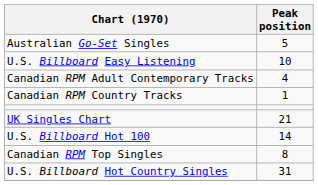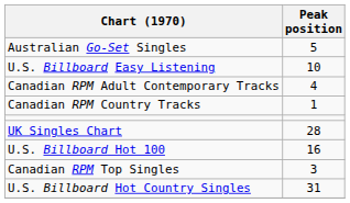 <table class="wikitable sortable">
 <tr>
 <th>Chart (1970)</th>
 <th>Peak<br>position</th>
 </tr>
 <tr>
 <td>Australian <em><a href='#'>Go-Set</a></em> Singles</td>
 <td align="center">5</td>
 </tr>
 <tr>
 <td>U.S. <em><a href='#'>Billboard</a></em> <a href='#'>Easy Listening</a></td>
 <td align="center">10</td>
 </tr>
 <tr>
 <td>Canadian <em>RPM</em> Adult Contemporary Tracks</td>
 <td align="center">4</td>
 </tr>
 <tr>
 <td>Canadian <em>RPM</em> Country Tracks</td>
 <td align="center">1</td>
 </tr>
 <tr>
 <td></td>
 </tr>
 <tr>
 <td><a href='#'>UK Singles Chart</a></td>
-<td align="center">21</td>
+<td align="center">28</td>
 </tr>
 <tr>
 <td>U.S. <a href='#'><em>Billboard</em> Hot 100</a></td>
-<td align="center">14</td>
+<td align="center">16</td>
 </tr>
 <tr>
 <td>Canadian <em><a href='#'>RPM</a></em> Top Singles</td>
-<td align="center">8</td>
+<td align="center">3</td>
 </tr>
 <tr>
 <td>U.S. <em>Billboard</em> <a href='#'>Hot Country Singles</a></td>
 <td align="center">31</td>
 </tr>
 <tr>
 </tr>
 </table>
